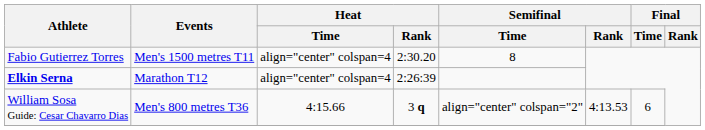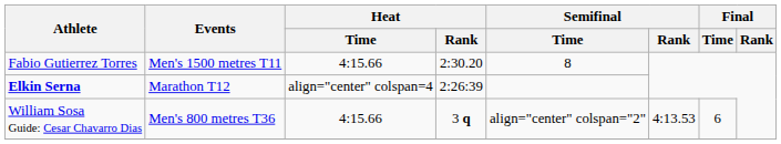 <table class=wikitable style="font-size:90%">
 <tr>
 <th rowspan="2">Athlete</th>
 <th rowspan="2">Events</th>
 <th colspan="2">Heat</th>
 <th colspan="2">Semifinal</th>
 <th colspan="2">Final</th>
 </tr>
 <tr>
 <th>Time</th>
 <th>Rank</th>
 <th>Time</th>
 <th>Rank</th>
 <th>Time</th>
 <th>Rank</th>
 </tr>
 <tr>
 <td rowspan=1><a href='#'>Fabio Gutierrez Torres</a></td>
 <td><a href='#'>Men's 1500 metres T11</a></td>
-<td>align="center" colspan=4 </td>
+<td align="center">4:15.66</td>
 <td align="center">2:30.20</td>
 <td align="center">8</td>
 </tr>
 <tr>
 <td rowspan=1><strong><a href='#'>Elkin Serna</a></strong></td>
 <td><a href='#'>Marathon T12</a></td>
 <td>align="center" colspan=4 </td>
 <td align="center">2:26:39</td>
 <td align="center"></td>
 </tr>
 <tr>
 <td rowspan=1><a href='#'>William Sosa</a><br><small>Guide: <a href='#'>Cesar Chavarro Dias</a></small></td>
 <td><a href='#'>Men's 800 metres T36</a></td>
 <td align="center">4:15.66</td>
 <td align="center">3 <strong>q</strong></td>
 <td>align="center" colspan="2" </td>
 <td align="center">4:13.53</td>
 <td align="center">6</td>
 </tr>
 <tr>
 </tr>
 </table>
